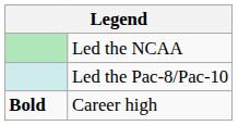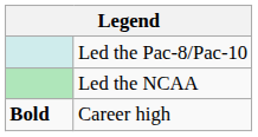 <table class="wikitable">
 <tr>
 <th colspan="2">Legend</th>
+</tr>
+<tr>
+<td style="background:#cfecec; width:3em;"></td>
+<td>Led the Pac-8/Pac-10</td>
 </tr>
 <tr>
 <td style="background:#afe6ba; width:3em;"></td>
 <td>Led the NCAA</td>
 </tr>
 <tr>
-<td style="background:#cfecec; width:3em;"></td>
-<td>Led the Pac-8/Pac-10</td>
-</tr>
-<tr>
 <td><strong>Bold</strong></td>
 <td>Career high</td>
 </tr>
 </table>
